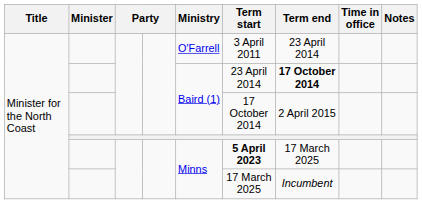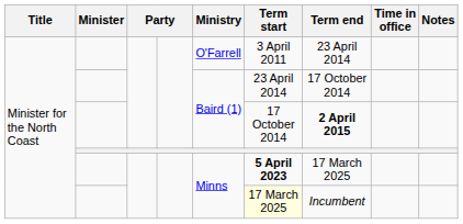 <table class="wikitable sortable">
 <tr>
 <th>Title</th>
 <th>Minister</th>
 <th colspan=2>Party</th>
 <th>Ministry</th>
 <th>Term start</th>
 <th>Term end</th>
 <th>Time in office</th>
 <th class="unsortable">Notes</th>
 </tr>
 <tr>
 <td rowspan="6">Minister for the North Coast</td>
 <td></td>
 <td rowspan=3 > </td>
 <td rowspan=3 width=8%></td>
 <td><a href='#'>O'Farrell</a></td>
 <td align=center>3 April 2011</td>
 <td align=center>23 April 2014</td>
 <td align=right></td>
 <td></td>
 </tr>
 <tr>
 <td></td>
 <td rowspan=2><a href='#'>Baird (1)</a></td>
 <td align=center>23 April 2014</td>
-<td align=center><strong>17 October 2014</strong></td>
+<td align=center>17 October 2014</td>
 <td align=right></td>
 <td></td>
 </tr>
 <tr>
 <td></td>
 <td align=center>17 October 2014</td>
-<td align=center>2 April 2015</td>
+<td align=center><strong>2 April 2015</strong></td>
 <td align=right></td>
 <td></td>
 </tr>
 <tr>
 <th colspan=15></th>
 </tr>
 <tr>
 <td></td>
 <td rowspan=2 > </td>
 <td rowspan=2 width=8%></td>
 <td rowspan=2><a href='#'>Minns</a></td>
 <td align=center><strong>5 April 2023</strong></td>
 <td align=center>17 March 2025</td>
 <td align=right></td>
 <td></td>
 </tr>
 <tr>
 <td></td>
-<td align=center>17 March 2025</td>
+<td align=center style="background: lightyellow;">17 March 2025</td>
 <td align=center><em>Incumbent</em></td>
 <td align=right></td>
 <td></td>
 </tr>
 </table>
